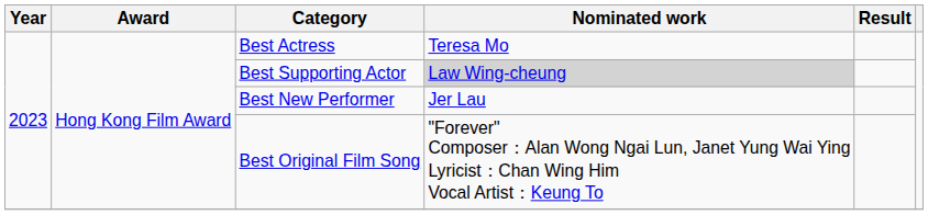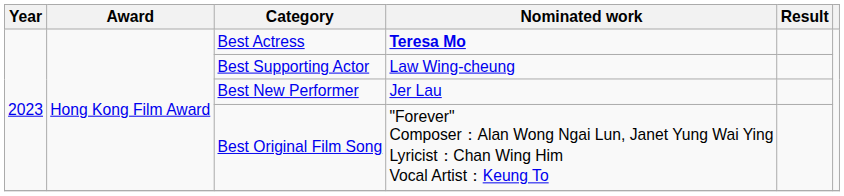 <table class="wikitable sortable" style="text-align:left;">
 <tr>
 <th>Year</th>
 <th>Award</th>
 <th>Category</th>
 <th>Nominated work</th>
 <th>Result</th>
 <th scope="col" class="unsortable"></th>
 </tr>
 <tr>
 <td rowspan=4><a href='#'>2023</a></td>
 <td rowspan=4><a href='#'>Hong Kong Film Award</a></td>
 <td><a href='#'>Best Actress</a></td>
-<td><a href='#'>Teresa Mo</a></td>
+<td><strong><a href='#'>Teresa Mo</a></strong></td>
 <td></td>
 <td align="center" rowspan=4></td>
 </tr>
 <tr>
 <td><a href='#'>Best Supporting Actor</a></td>
-<td style="background: lightgrey;"><a href='#'>Law Wing-cheung</a></td>
+<td><a href='#'>Law Wing-cheung</a></td>
 <td></td>
 </tr>
 <tr>
 <td><a href='#'>Best New Performer</a></td>
 <td><a href='#'>Jer Lau</a></td>
 <td></td>
 </tr>
 <tr>
 <td><a href='#'>Best Original Film Song</a></td>
 <td>"Forever"<br>Composer：Alan Wong Ngai Lun, Janet Yung Wai Ying<br>Lyricist：Chan Wing Him<br>Vocal Artist：<a href='#'>Keung To</a></td>
 <td></td>
 </tr>
 <tr>
 </tr>
 </table>
